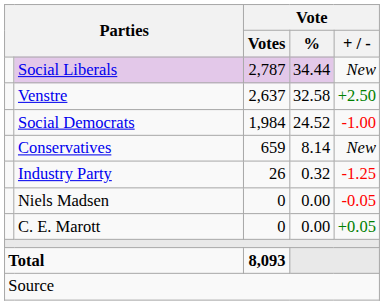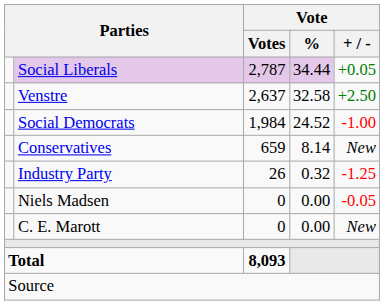 <table class="wikitable" style="text-align:right;">
 <tr>
 <th style="text-align:centre;" rowspan="2" colspan="2" width="225">Parties</th>
 <th colspan="3">Vote</th>
 </tr>
 <tr>
 <th width="15">Votes</th>
 <th width="15">%</th>
 <th width="15">+ / -</th>
 </tr>
 <tr>
 <td width="2" style="color:inherit;background:"></td>
 <td bgcolor=#e3c8e9  align="left"><a href='#'>Social Liberals</a></td>
 <td bgcolor=#e3c8e9>2,787</td>
 <td bgcolor=#e3c8e9>34.44</td>
-<td><em>New</em></td>
+<td style=color:green;>+0.05</td>
 </tr>
 <tr>
 <td width="2" style="color:inherit;background:"></td>
 <td align="left"><a href='#'>Venstre</a></td>
 <td>2,637</td>
 <td>32.58</td>
 <td style=color:green;>+2.50</td>
 </tr>
 <tr>
 <td width="2" style="color:inherit;background:"></td>
 <td align="left"><a href='#'>Social Democrats</a></td>
 <td>1,984</td>
 <td>24.52</td>
 <td style=color:red;>-1.00</td>
 </tr>
 <tr>
 <td width="2" style="color:inherit;background:"></td>
 <td align="left"><a href='#'>Conservatives</a></td>
 <td>659</td>
 <td>8.14</td>
 <td><em>New</em></td>
 </tr>
 <tr>
 <td width="2" style="color:inherit;background:"></td>
 <td align="left"><a href='#'>Industry Party</a></td>
 <td>26</td>
 <td>0.32</td>
 <td style=color:red;>-1.25</td>
 </tr>
 <tr>
 <td width="2" style="color:inherit;background:"></td>
 <td align="left">Niels Madsen</td>
 <td>0</td>
 <td>0.00</td>
 <td style=color:red;>-0.05</td>
 </tr>
 <tr>
 <td width="2" style="color:inherit;background:"></td>
 <td align="left">C. E. Marott</td>
 <td>0</td>
 <td>0.00</td>
-<td style=color:green;>+0.05</td>
+<td><em>New</em></td>
 </tr>
 <tr>
 <td colspan="7" bgcolor="#E9E9E9"></td>
 </tr>
 <tr>
 <td align="left" colspan="2"><strong>Total</strong></td>
 <td><strong>8,093</strong></td>
 <td bgcolor="#E9E9E9" colspan="2"></td>
 </tr>
 <tr>
 <td align="left" colspan="6">Source</td>
 </tr>
 </table>
